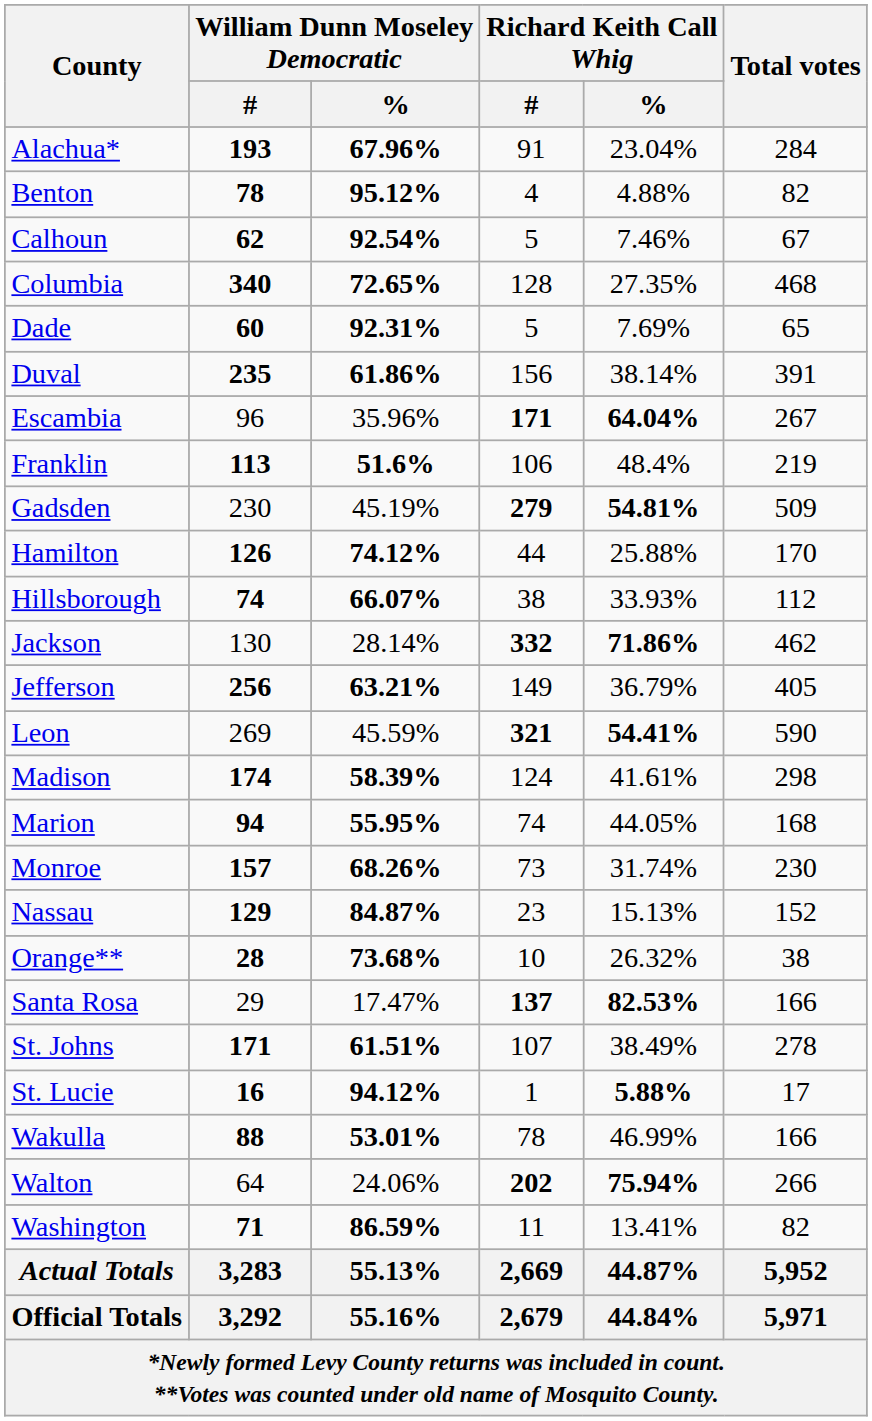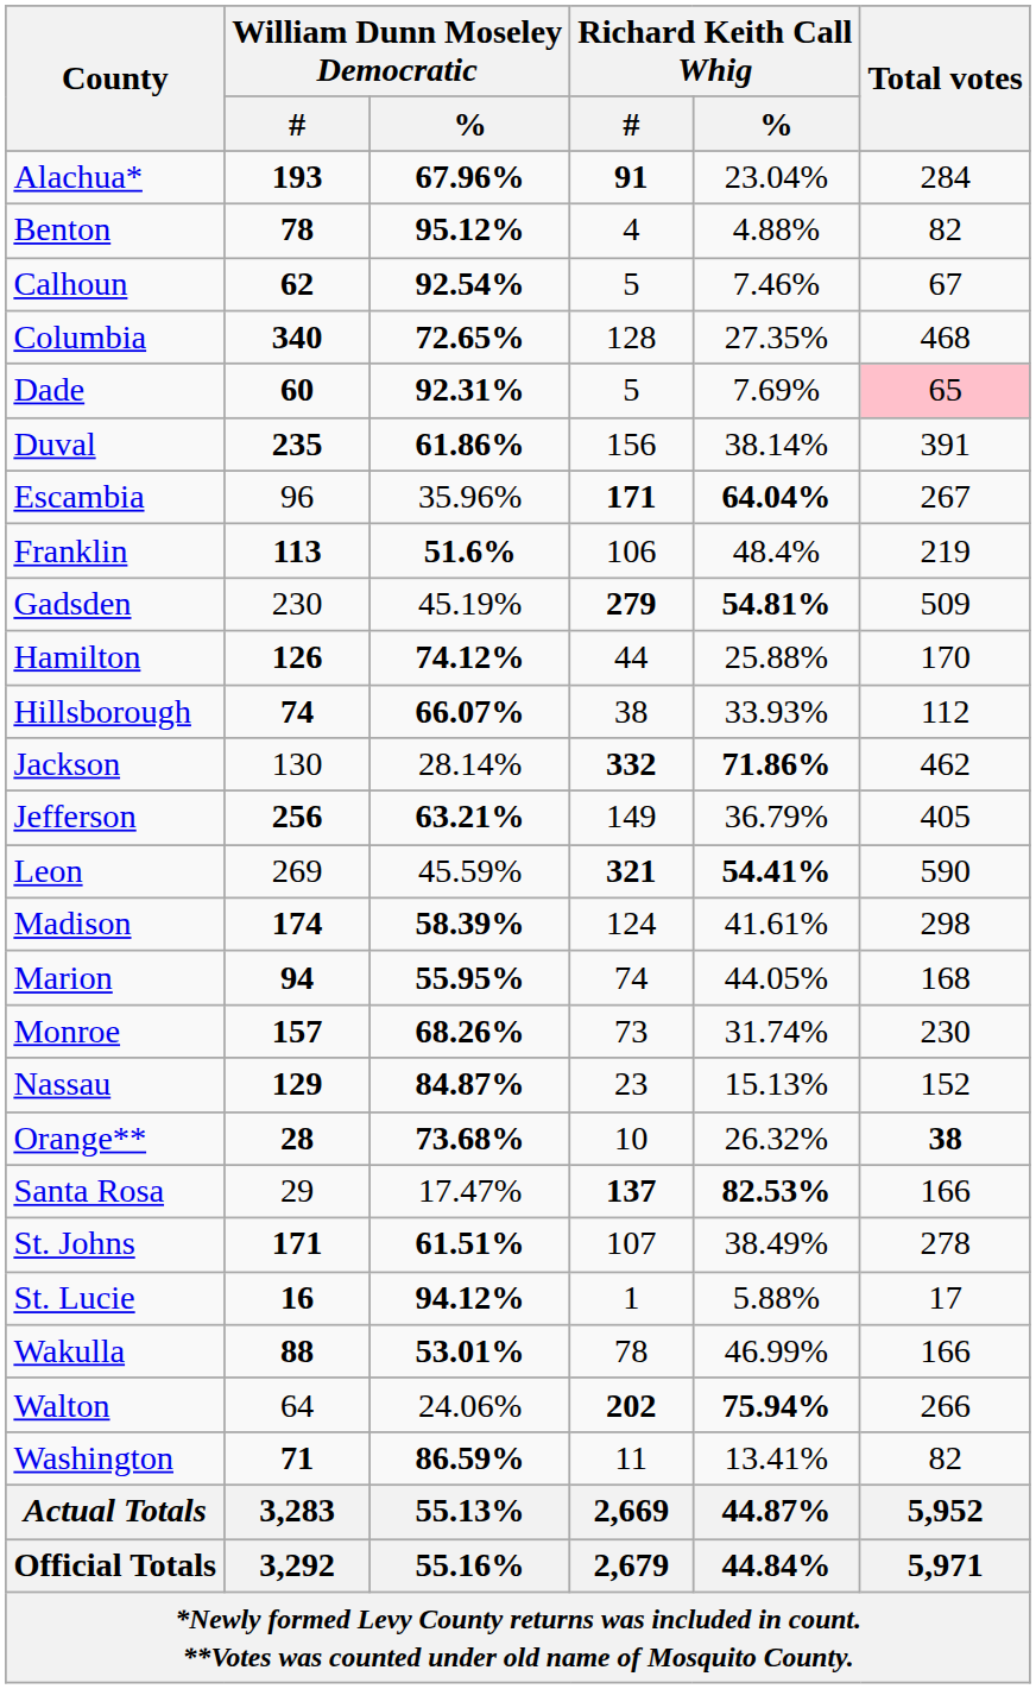 <table class="wikitable sortable">
 <tr>
 <th rowspan="2">County</th>
 <th colspan="2" style="text-align: center;" >William Dunn Moseley <br> <em>Democratic</em></th>
 <th colspan="2" style="text-align: center;" >Richard Keith Call <br><em>Whig</em></th>
 <th rowspan="2">Total votes</th>
 </tr>
 <tr>
 <th colspan="1" style="text-align: center;" >#</th>
 <th colspan="1" style="text-align: center;" >%</th>
 <th colspan="1" style="text-align: center;" >#</th>
 <th colspan="1" style="text-align: center;" >%</th>
 </tr>
 <tr>
 <td><a href='#'>Alachua*</a></td>
 <td align="center"><strong>193</strong></td>
 <td align="center"><strong>67.96%</strong></td>
-<td align="center">91</td>
+<td align="center"><strong>91</strong></td>
 <td align="center">23.04%</td>
 <td align="center">284</td>
 </tr>
 <tr>
 <td><a href='#'>Benton</a></td>
 <td align="center"><strong>78</strong></td>
 <td align="center"><strong>95.12%</strong></td>
 <td align="center">4</td>
 <td align="center">4.88%</td>
 <td align="center">82</td>
 </tr>
 <tr>
 <td><a href='#'>Calhoun</a></td>
 <td align="center"><strong>62</strong></td>
 <td align="center"><strong>92.54%</strong></td>
 <td align="center">5</td>
 <td align="center">7.46%</td>
 <td align="center">67</td>
 </tr>
 <tr>
 <td><a href='#'>Columbia</a></td>
 <td align="center"><strong>340</strong></td>
 <td align="center"><strong>72.65%</strong></td>
 <td align="center">128</td>
 <td align="center">27.35%</td>
 <td align="center">468</td>
 </tr>
 <tr>
 <td><a href='#'>Dade</a></td>
 <td align="center"><strong>60</strong></td>
 <td align="center"><strong>92.31%</strong></td>
 <td align="center">5</td>
 <td align="center">7.69%</td>
-<td align="center">65</td>
+<td align="center" style="background: pink;">65</td>
 </tr>
 <tr>
 <td><a href='#'>Duval</a></td>
 <td align="center"><strong>235</strong></td>
 <td align="center"><strong>61.86%</strong></td>
 <td align="center">156</td>
 <td align="center">38.14%</td>
 <td align="center">391</td>
 </tr>
 <tr>
 <td><a href='#'>Escambia</a></td>
 <td align="center">96</td>
 <td align="center">35.96%</td>
 <td align="center"><strong>171</strong></td>
 <td align="center"><strong>64.04%</strong></td>
 <td align="center">267</td>
 </tr>
 <tr>
 <td><a href='#'>Franklin</a></td>
 <td align="center"><strong>113</strong></td>
 <td align="center"><strong>51.6%</strong></td>
 <td align="center">106</td>
 <td align="center">48.4%</td>
 <td align="center">219</td>
 </tr>
 <tr>
 <td><a href='#'>Gadsden</a></td>
 <td align="center">230</td>
 <td align="center">45.19%</td>
 <td align="center"><strong>279</strong></td>
 <td align="center"><strong>54.81%</strong></td>
 <td align="center">509</td>
 </tr>
 <tr>
 <td><a href='#'>Hamilton</a></td>
 <td align="center"><strong>126</strong></td>
 <td align="center"><strong>74.12%</strong></td>
 <td align="center">44</td>
 <td align="center">25.88%</td>
 <td align="center">170</td>
 </tr>
 <tr>
 <td><a href='#'>Hillsborough</a></td>
 <td align="center"><strong>74</strong></td>
 <td align="center"><strong>66.07%</strong></td>
 <td align="center">38</td>
 <td align="center">33.93%</td>
 <td align="center">112</td>
 </tr>
 <tr>
 <td><a href='#'>Jackson</a></td>
 <td align="center">130</td>
 <td align="center">28.14%</td>
 <td align="center"><strong>332</strong></td>
 <td align="center"><strong>71.86%</strong></td>
 <td align="center">462</td>
 </tr>
 <tr>
 <td><a href='#'>Jefferson</a></td>
 <td align="center"><strong>256</strong></td>
 <td align="center"><strong>63.21%</strong></td>
 <td align="center">149</td>
 <td align="center">36.79%</td>
 <td align="center">405</td>
 </tr>
 <tr>
 <td><a href='#'>Leon</a></td>
 <td align="center">269</td>
 <td align="center">45.59%</td>
 <td align="center"><strong>321</strong></td>
 <td align="center"><strong>54.41%</strong></td>
 <td align="center">590</td>
 </tr>
 <tr>
 <td><a href='#'>Madison</a></td>
 <td align="center"><strong>174</strong></td>
 <td align="center"><strong>58.39%</strong></td>
 <td align="center">124</td>
 <td align="center">41.61%</td>
 <td align="center">298</td>
 </tr>
 <tr>
 <td><a href='#'>Marion</a></td>
 <td align="center"><strong>94</strong></td>
 <td align="center"><strong>55.95%</strong></td>
 <td align="center">74</td>
 <td align="center">44.05%</td>
 <td align="center">168</td>
 </tr>
 <tr>
 <td><a href='#'>Monroe</a></td>
 <td align="center"><strong>157</strong></td>
 <td align="center"><strong>68.26%</strong></td>
 <td align="center">73</td>
 <td align="center">31.74%</td>
 <td align="center">230</td>
 </tr>
 <tr>
 <td><a href='#'>Nassau</a></td>
 <td align="center"><strong>129</strong></td>
 <td align="center"><strong>84.87%</strong></td>
 <td align="center">23</td>
 <td align="center">15.13%</td>
 <td align="center">152</td>
 </tr>
 <tr>
 <td><a href='#'>Orange**</a></td>
 <td align="center"><strong>28</strong></td>
 <td align="center"><strong>73.68%</strong></td>
 <td align="center">10</td>
 <td align="center">26.32%</td>
-<td align="center">38</td>
+<td align="center"><strong>38</strong></td>
 </tr>
 <tr>
 <td><a href='#'>Santa Rosa</a></td>
 <td align="center">29</td>
 <td align="center">17.47%</td>
 <td align="center"><strong>137</strong></td>
 <td align="center"><strong>82.53%</strong></td>
 <td align="center">166</td>
 </tr>
 <tr>
 <td><a href='#'>St. Johns</a></td>
 <td align="center"><strong>171</strong></td>
 <td align="center"><strong>61.51%</strong></td>
 <td align="center">107</td>
 <td align="center">38.49%</td>
 <td align="center">278</td>
 </tr>
 <tr>
 <td><a href='#'>St. Lucie</a></td>
 <td align="center"><strong>16</strong></td>
 <td align="center"><strong>94.12%</strong></td>
 <td align="center">1</td>
-<td align="center"><strong>5.88%</strong></td>
+<td align="center">5.88%</td>
 <td align="center">17</td>
 </tr>
 <tr>
 <td><a href='#'>Wakulla</a></td>
 <td align="center"><strong>88</strong></td>
 <td align="center"><strong>53.01%</strong></td>
 <td align="center">78</td>
 <td align="center">46.99%</td>
 <td align="center">166</td>
 </tr>
 <tr>
 <td><a href='#'>Walton</a></td>
 <td align="center">64</td>
 <td align="center">24.06%</td>
 <td align="center"><strong>202</strong></td>
 <td align="center"><strong>75.94%</strong></td>
 <td align="center">266</td>
 </tr>
 <tr>
 <td><a href='#'>Washington</a></td>
 <td align="center"><strong>71</strong></td>
 <td align="center"><strong>86.59%</strong></td>
 <td align="center">11</td>
 <td align="center">13.41%</td>
 <td align="center">82</td>
 </tr>
 <tr>
 <th><em>Actual Totals</em></th>
 <th><strong>3,283</strong></th>
 <th><strong>55.13%</strong></th>
 <th><strong>2,669</strong></th>
 <th><strong>44.87%</strong></th>
 <th>5,952</th>
 </tr>
 <tr>
 <th>Official Totals</th>
 <th><strong>3,292</strong></th>
 <th><strong>55.16%</strong></th>
 <th><strong>2,679</strong></th>
 <th><strong>44.84%</strong></th>
 <th>5,971</th>
 </tr>
 <tr>
 <th colspan="6"><em><small>*Newly formed Levy County returns was included in count.</small> <br><small>**Votes was counted under old name of Mosquito County.</small></em></th>
 </tr>
 </table>
